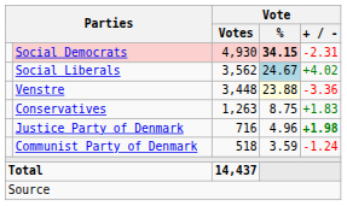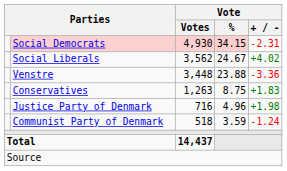 <table class="wikitable" style="text-align:right;">
 <tr>
 <th style="text-align:centre;" rowspan="2" colspan="2" width="225">Parties</th>
 <th colspan="3">Vote</th>
 </tr>
 <tr>
 <th width="15">Votes</th>
 <th width="15">%</th>
 <th width="15">+ / -</th>
 </tr>
 <tr>
 <td width="2" style="color:inherit;background:"></td>
 <td bgcolor=#fbd0ce  align="left"><a href='#'>Social Democrats</a></td>
 <td bgcolor=#fbd0ce>4,930</td>
-<td bgcolor=#fbd0ce><strong>34.15</strong></td>
+<td bgcolor=#fbd0ce>34.15</td>
 <td style=color:red;>-2.31</td>
 </tr>
 <tr>
 <td width="2" style="color:inherit;background:"></td>
 <td align="left"><a href='#'>Social Liberals</a></td>
 <td>3,562</td>
-<td style="background: lightblue;">24.67</td>
+<td>24.67</td>
 <td style=color:green;>+4.02</td>
 </tr>
 <tr>
 <td width="2" style="color:inherit;background:"></td>
 <td align="left"><a href='#'>Venstre</a></td>
 <td>3,448</td>
-<td style="background: lightyellow;">23.88</td>
+<td>23.88</td>
 <td style=color:red;>-3.36</td>
 </tr>
 <tr>
 <td width="2" style="color:inherit;background:"></td>
 <td align="left"><a href='#'>Conservatives</a></td>
 <td>1,263</td>
 <td>8.75</td>
 <td style=color:green;>+1.83</td>
 </tr>
 <tr>
 <td width="2" style="color:inherit;background:"></td>
 <td align="left"><a href='#'>Justice Party of Denmark</a></td>
 <td>716</td>
 <td>4.96</td>
-<td style=color:green;><strong>+1.98</strong></td>
+<td style=color:green;>+1.98</td>
 </tr>
 <tr>
 <td width="2" style="color:inherit;background:"></td>
 <td align="left"><a href='#'>Communist Party of Denmark</a></td>
 <td>518</td>
 <td>3.59</td>
 <td style=color:red;>-1.24</td>
 </tr>
 <tr>
 <td colspan="7" bgcolor="#E9E9E9"></td>
 </tr>
 <tr>
 <td align="left" colspan="2"><strong>Total</strong></td>
 <td><strong>14,437</strong></td>
 <td bgcolor="#E9E9E9" colspan="2"></td>
 </tr>
 <tr>
 <td align="left" colspan="6">Source</td>
 </tr>
 </table>
